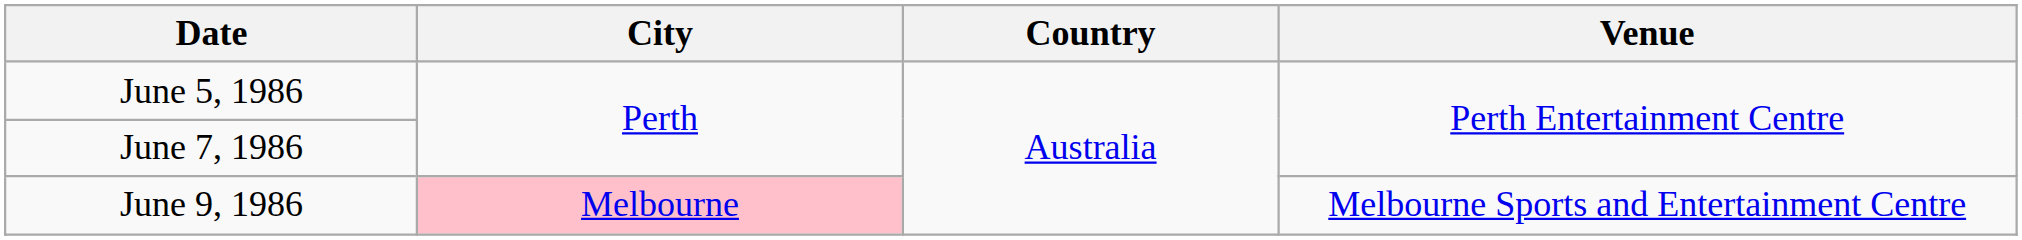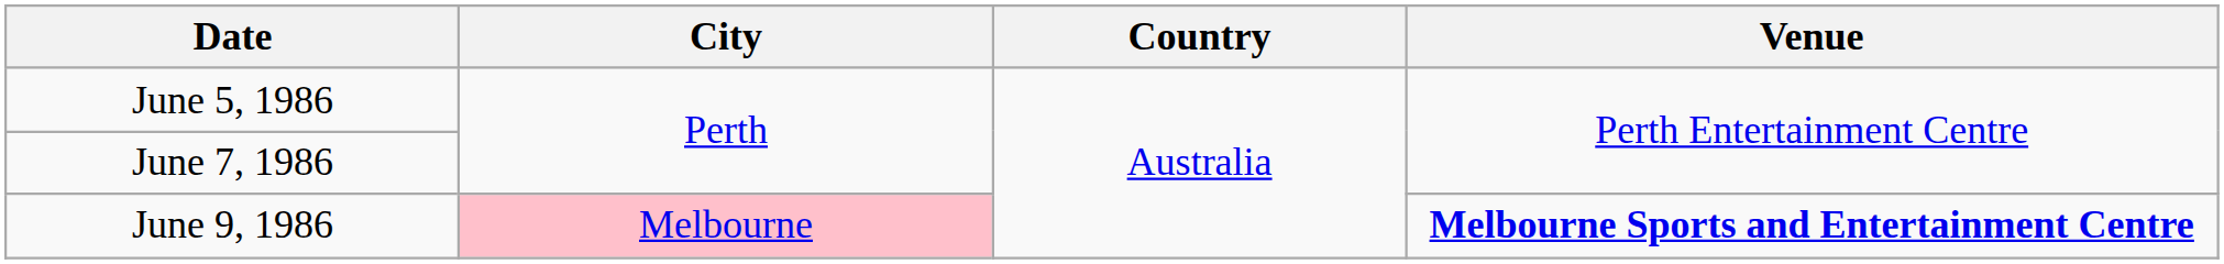 <table class="wikitable sortable plainrowheaders" style="text-align:center;">
 <tr>
 <th scope="col" style="width:11em;">Date</th>
 <th scope="col" style="width:13em;">City</th>
 <th scope="col" style="width:10em;">Country</th>
 <th scope="col" style="width:20em;">Venue</th>
 </tr>
 <tr>
 <td>June 5, 1986</td>
 <td rowspan="2"><a href='#'>Perth</a></td>
 <td rowspan="3"><a href='#'>Australia</a></td>
 <td rowspan="2"><a href='#'>Perth Entertainment Centre</a></td>
 </tr>
 <tr>
 <td>June 7, 1986</td>
 </tr>
 <tr>
 <td>June 9, 1986</td>
 <td style="background: pink;"><a href='#'>Melbourne</a></td>
-<td><a href='#'>Melbourne Sports and Entertainment Centre</a></td>
+<td><strong><a href='#'>Melbourne Sports and Entertainment Centre</a></strong></td>
 </tr>
 </table>
